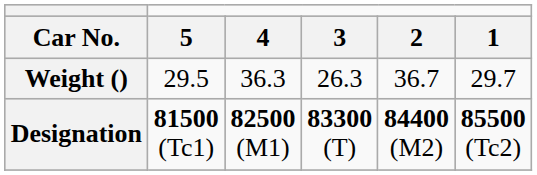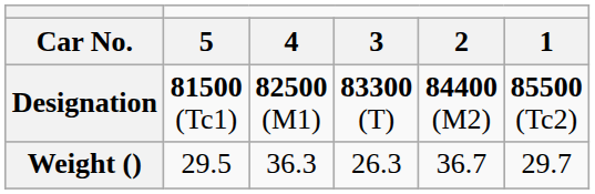 <table class="wikitable" style="text-align: center">
 <tr style="border-bottom: 4px solid #">
 <th></th>
 <td colspan="5"></td>
 </tr>
 <tr>
 <th>Car No.</th>
 <th>5</th>
 <th>4</th>
 <th>3</th>
 <th>2</th>
 <th>1</th>
 </tr>
 <tr>
+<th>Designation</th>
+<td><strong>81500</strong><br>(Tc1)</td>
+<td><strong>82500</strong><br>(M1)</td>
+<td><strong>83300</strong><br>(T)</td>
+<td><strong>84400</strong><br>(M2)</td>
+<td><strong>85500</strong><br>(Tc2)</td>
+</tr>
+<tr>
 <th>Weight ()</th>
 <td>29.5</td>
 <td>36.3</td>
 <td>26.3</td>
 <td>36.7</td>
 <td>29.7</td>
 </tr>
-<tr>
-<th>Designation</th>
-<td><strong>81500</strong><br>(Tc1)</td>
-<td><strong>82500</strong><br>(M1)</td>
-<td><strong>83300</strong><br>(T)</td>
-<td><strong>84400</strong><br>(M2)</td>
-<td><strong>85500</strong><br>(Tc2)</td>
-</tr>
 </table>
